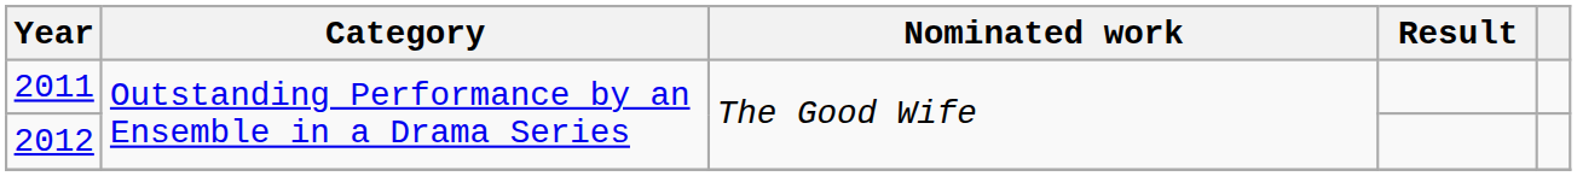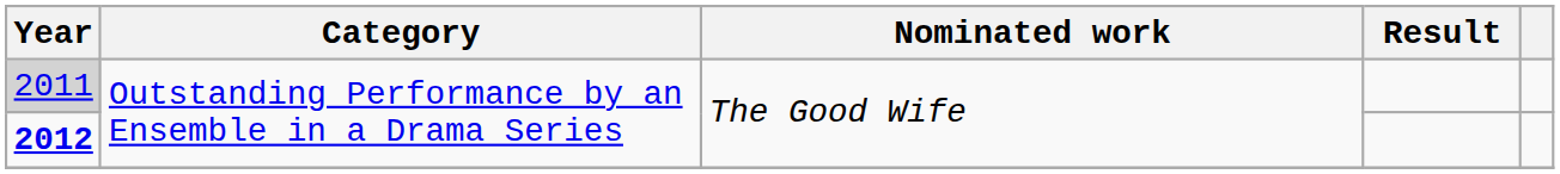 <table class=wikitable>
 <tr>
 <th scope="col" style="width:1em;">Year</th>
 <th scope="col" style="width:29em;">Category</th>
 <th scope="col" style="width:34em;">Nominated work</th>
 <th scope="col" style="width:5em;">Result</th>
 <th scope="col" style="width:1em;"></th>
 </tr>
 <tr>
-<td><a href='#'>2011</a></td>
+<td style="background: lightgrey;"><a href='#'>2011</a></td>
 <td rowspan="2"><a href='#'>Outstanding Performance by an Ensemble in a Drama Series</a></td>
 <td rowspan="2"><em>The Good Wife</em></td>
 <td></td>
 <td></td>
 </tr>
 <tr>
-<td><a href='#'>2012</a></td>
+<td><strong><a href='#'>2012</a></strong></td>
 <td></td>
 <td></td>
 </tr>
 <tr>
 </tr>
 </table>
